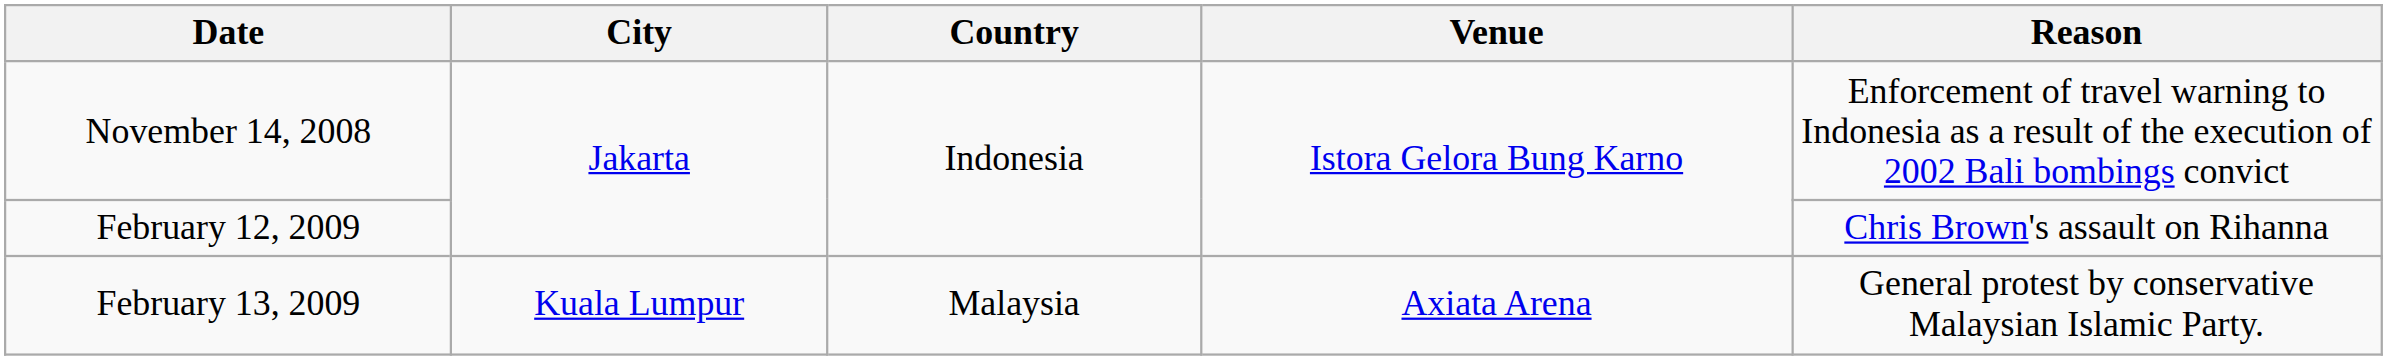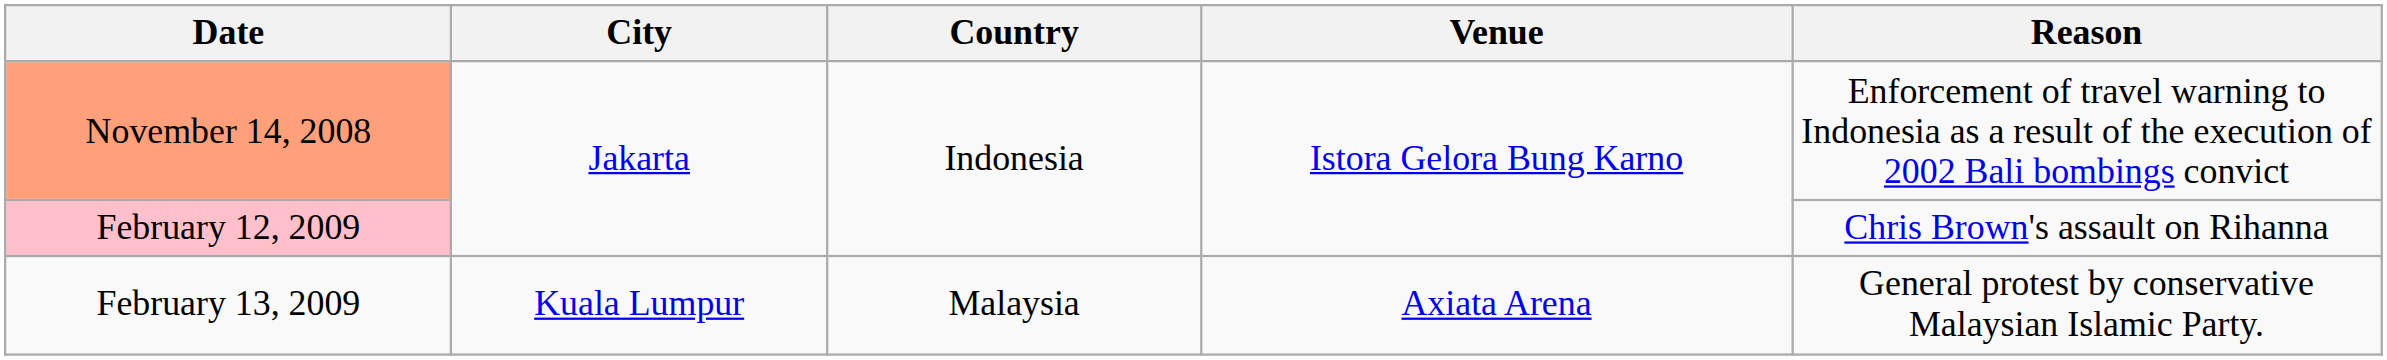 <table class="wikitable" style="text-align:center;">
 <tr>
 <th scope="col" style="width:12em;">Date</th>
 <th scope="col" style="width:10em;">City</th>
 <th scope="col" style="width:10em;">Country</th>
 <th scope="col" style="width:16em;">Venue</th>
 <th scope="col" style="width:16em;">Reason</th>
 </tr>
 <tr>
-<td>November 14, 2008</td>
+<td style="background: lightsalmon;">November 14, 2008</td>
 <td rowspan="2"><a href='#'>Jakarta</a></td>
 <td rowspan="2">Indonesia</td>
 <td rowspan="2"><a href='#'>Istora Gelora Bung Karno</a></td>
 <td>Enforcement of travel warning to Indonesia as a result of the execution of <a href='#'>2002 Bali bombings</a> convict</td>
 </tr>
 <tr>
-<td>February 12, 2009</td>
+<td style="background: pink;">February 12, 2009</td>
 <td rowspan="2"><a href='#'>Chris Brown</a>'s assault on Rihanna</td>
 </tr>
 <tr>
 <td rowspan="2">February 13, 2009</td>
 <td rowspan="2"><a href='#'>Kuala Lumpur</a></td>
 <td rowspan="2">Malaysia</td>
 <td rowspan="2"><a href='#'>Axiata Arena</a></td>
 </tr>
 <tr>
 <td>General protest by conservative Malaysian Islamic Party.</td>
 </tr>
 </table>
